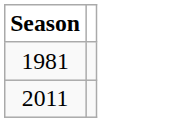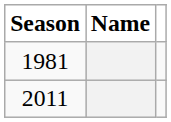 <table class="wikitable sortable plainrowheaders" style="text-align:center">
 <tr>
 <th scope="col" style="background-color:#ffffff; border-top:#">Season</th>
+<th scope="col" style="background-color:#ffffff; border-top:#">Name</th>
 <th scope="col" class="unsortable" style="background-color:#ffffff; border-top:#"></th>
 </tr>
 <tr>
 <td>1981</td>
+<th scope="row" style="text-align:center"></th>
 <td></td>
 </tr>
 <tr>
 <td>2011</td>
+<th scope="row" style="text-align:center"></th>
 <td></td>
 </tr>
 </table>
